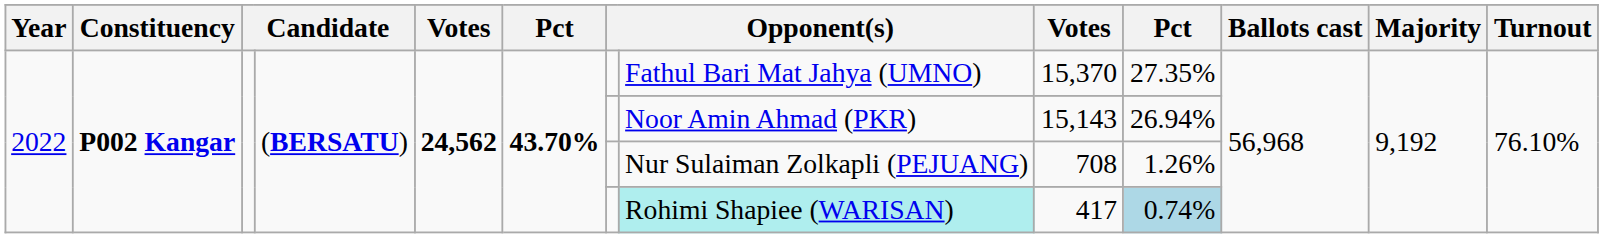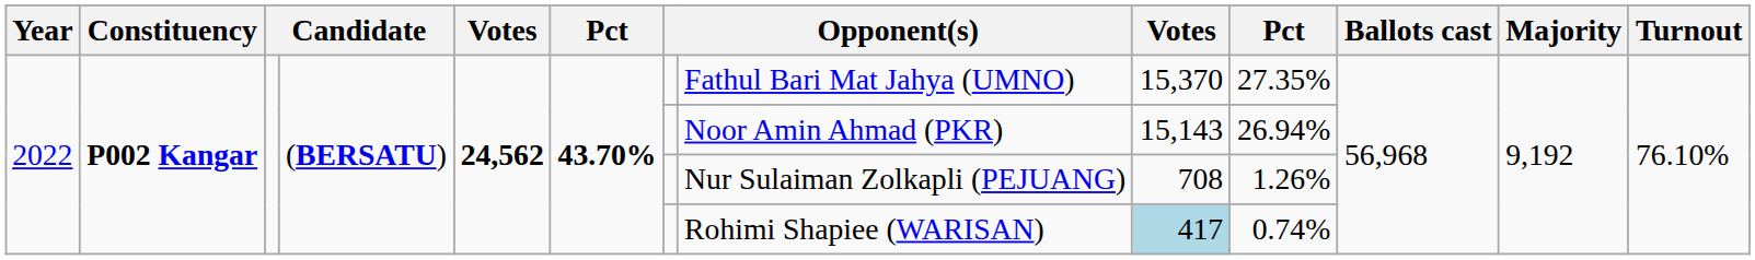 <table class="wikitable" style="margin:0.5em ; font-size:95%">
 <tr>
 <th>Year</th>
 <th>Constituency</th>
 <th colspan=2>Candidate</th>
 <th>Votes</th>
 <th>Pct</th>
 <th colspan=2>Opponent(s)</th>
 <th>Votes</th>
 <th>Pct</th>
 <th>Ballots cast</th>
 <th>Majority</th>
 <th>Turnout</th>
 </tr>
 <tr>
 <td rowspan="4"><a href='#'>2022</a></td>
 <td rowspan="4"><strong>P002 <a href='#'>Kangar</a></strong></td>
 <td rowspan="4" bgcolor=></td>
 <td rowspan="4"> (<a href='#'><strong>BERSATU</strong></a>)</td>
 <td rowspan="4" align="right"><strong>24,562</strong></td>
 <td rowspan="4"><strong>43.70%</strong></td>
 <td></td>
 <td><a href='#'>Fathul Bari Mat Jahya</a> (<a href='#'>UMNO</a>)</td>
 <td align="right">15,370</td>
 <td>27.35%</td>
 <td rowspan="4">56,968</td>
 <td rowspan="4">9,192</td>
 <td rowspan="4">76.10%</td>
 </tr>
 <tr>
 <td></td>
 <td><a href='#'>Noor Amin Ahmad</a> (<a href='#'>PKR</a>)</td>
 <td align="right">15,143</td>
 <td>26.94%</td>
 </tr>
 <tr>
 <td bgcolor=></td>
 <td>Nur Sulaiman Zolkapli (<a href='#'>PEJUANG</a>)</td>
 <td align="right">708</td>
 <td align="right">1.26%</td>
 </tr>
 <tr>
 <td></td>
-<td style="background: paleturquoise;">Rohimi Shapiee (<a href='#'>WARISAN</a>)</td>
-<td align="right">417</td>
-<td align="right" style="background: lightblue;">0.74%</td>
+<td>Rohimi Shapiee (<a href='#'>WARISAN</a>)</td>
+<td align="right" style="background: lightblue;">417</td>
+<td align="right">0.74%</td>
 </tr>
 </table>
